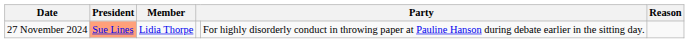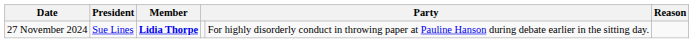 <table class="wikitable" style="margin:1em; float: left;">
 <tr>
 <th>Date</th>
 <th>President</th>
 <th>Member</th>
 <th colspan=2>Party</th>
 <th>Reason</th>
 </tr>
 <tr>
 <td>27 November 2024</td>
-<td style="background: lightsalmon;"><a href='#'>Sue Lines</a></td>
-<td><a href='#'>Lidia Thorpe</a></td>
+<td><a href='#'>Sue Lines</a></td>
+<td><strong><a href='#'>Lidia Thorpe</a></strong></td>
 <td></td>
 <td>For highly disorderly conduct in throwing paper at <a href='#'>Pauline Hanson</a> during debate earlier in the sitting day.</td>
 </tr>
 </table>
